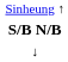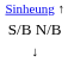 <table style="text-align:center;">
 <tr>
 <td><small> <a href='#'>Sinheung</a> ↑ </small></td>
 </tr>
 <tr>
-<td><strong><span>S/B</span>   <span>N/B</span></strong></td>
+<td><span>S/B</span>   <span>N/B</span></td>
 </tr>
 <tr>
 <td><small> ↓  </small></td>
 </tr>
 </table>
